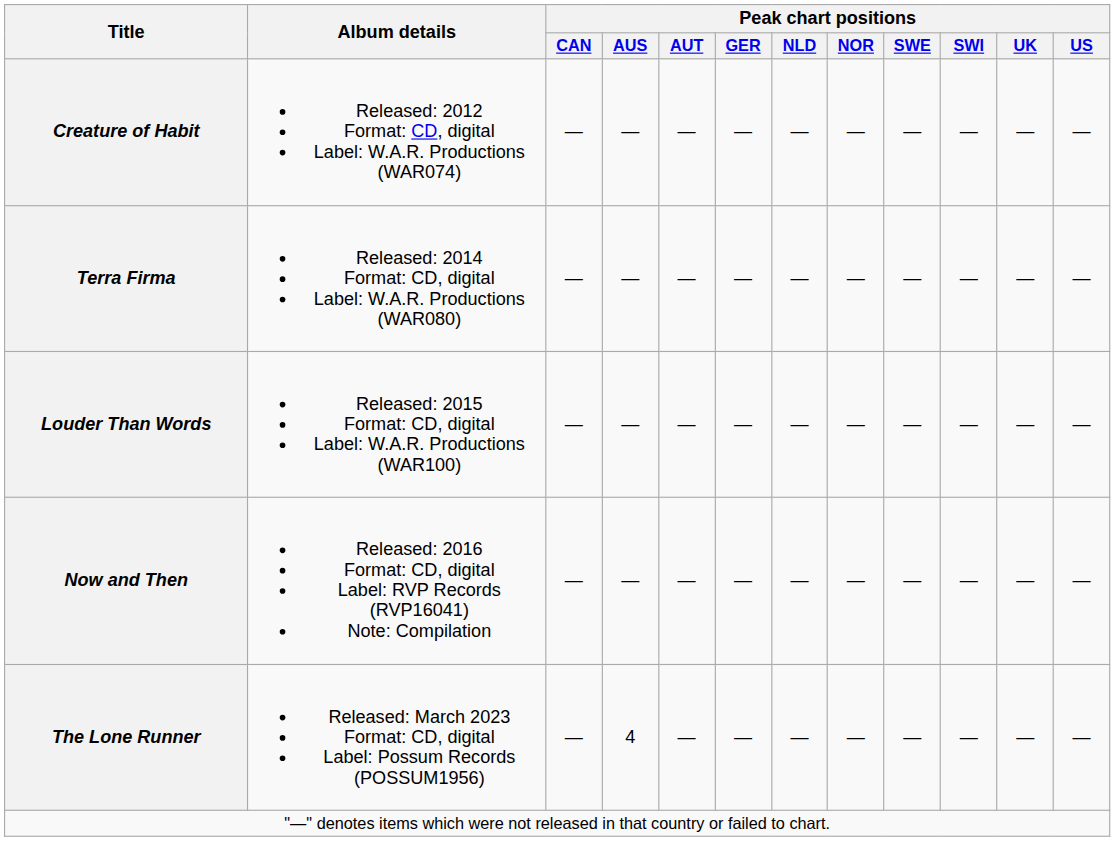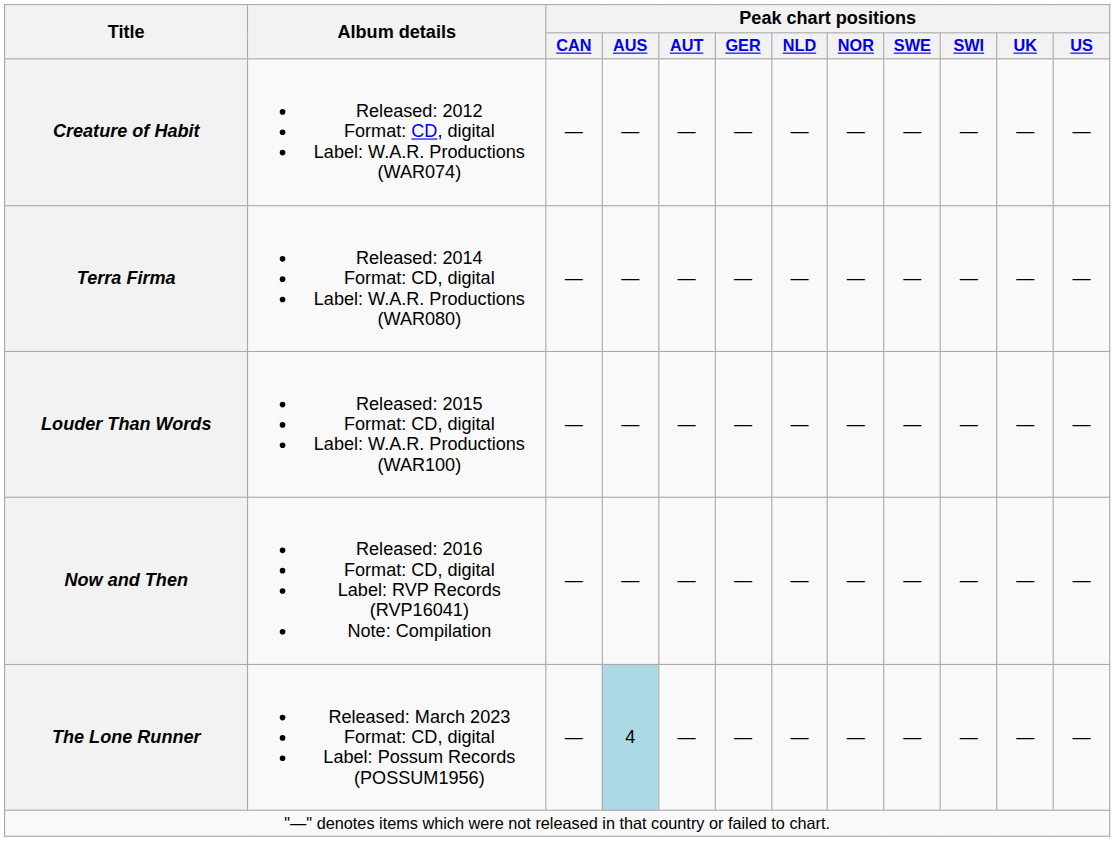 <table class="wikitable plainrowheaders" style="text-align:center;" border="1">
 <tr>
 <th scope="col" rowspan="2" style="width:13em;">Title</th>
 <th scope="col" rowspan="2" style="width:16em;">Album details</th>
 <th scope="col" colspan="10">Peak chart positions</th>
 </tr>
 <tr>
 <th scope="col" style="width:3em;font-size:90%;"><a href='#'>CAN</a></th>
 <th scope="col" style="width:3em;font-size:90%;"><a href='#'>AUS</a></th>
 <th scope="col" style="width:3em;font-size:90%;"><a href='#'>AUT</a></th>
 <th scope="col" style="width:3em;font-size:90%;"><a href='#'>GER</a></th>
 <th scope="col" style="width:3em;font-size:90%;"><a href='#'>NLD</a></th>
 <th scope="col" style="width:3em;font-size:90%;"><a href='#'>NOR</a></th>
 <th scope="col" style="width:3em;font-size:90%;"><a href='#'>SWE</a></th>
 <th scope="col" style="width:3em;font-size:90%;"><a href='#'>SWI</a></th>
 <th scope="col" style="width:3em;font-size:90%;"><a href='#'>UK</a></th>
 <th scope="col" style="width:3em;font-size:90%;"><a href='#'>US</a></th>
 </tr>
 <tr>
 <th scope="row"><em>Creature of Habit</em></th>
 <td><br><ul><li>Released: 2012</li><li>Format: <a href='#'>CD</a>, digital</li><li>Label: W.A.R. Productions (WAR074)</li></ul></td>
 <td>—</td>
 <td>—</td>
 <td>—</td>
 <td>—</td>
 <td>—</td>
 <td>—</td>
 <td>—</td>
 <td>—</td>
 <td>—</td>
 <td>—</td>
 </tr>
 <tr>
 <th scope="row"><em>Terra Firma</em></th>
 <td><br><ul><li>Released: 2014</li><li>Format: CD, digital</li><li>Label: W.A.R. Productions (WAR080)</li></ul></td>
 <td>—</td>
 <td>—</td>
 <td>—</td>
 <td>—</td>
 <td>—</td>
 <td>—</td>
 <td>—</td>
 <td>—</td>
 <td>—</td>
 <td>—</td>
 </tr>
 <tr>
 <th scope="row"><em>Louder Than Words</em></th>
 <td><br><ul><li>Released: 2015</li><li>Format: CD, digital</li><li>Label: W.A.R. Productions (WAR100)</li></ul></td>
 <td>—</td>
 <td>—</td>
 <td>—</td>
 <td>—</td>
 <td>—</td>
 <td>—</td>
 <td>—</td>
 <td>—</td>
 <td>—</td>
 <td>—</td>
 </tr>
 <tr>
 <th scope="row"><em>Now and Then</em></th>
 <td><br><ul><li>Released: 2016</li><li>Format: CD, digital</li><li>Label: RVP Records (RVP16041)</li><li>Note: Compilation</li></ul></td>
 <td>—</td>
 <td>—</td>
 <td>—</td>
 <td>—</td>
 <td>—</td>
 <td>—</td>
 <td>—</td>
 <td>—</td>
 <td>—</td>
 <td>—</td>
 </tr>
 <tr>
 <th scope="row"><em>The Lone Runner</em></th>
 <td><br><ul><li>Released: March 2023</li><li>Format: CD, digital</li><li>Label: Possum Records (POSSUM1956)</li></ul></td>
 <td>—</td>
-<td>4</td>
+<td style="background: lightblue;">4</td>
 <td>—</td>
 <td>—</td>
 <td>—</td>
 <td>—</td>
 <td>—</td>
 <td>—</td>
 <td>—</td>
 <td>—</td>
 </tr>
 <tr>
 <td colspan="13" style="font-size:90%">"—" denotes items which were not released in that country or failed to chart.</td>
 </tr>
 </table>
